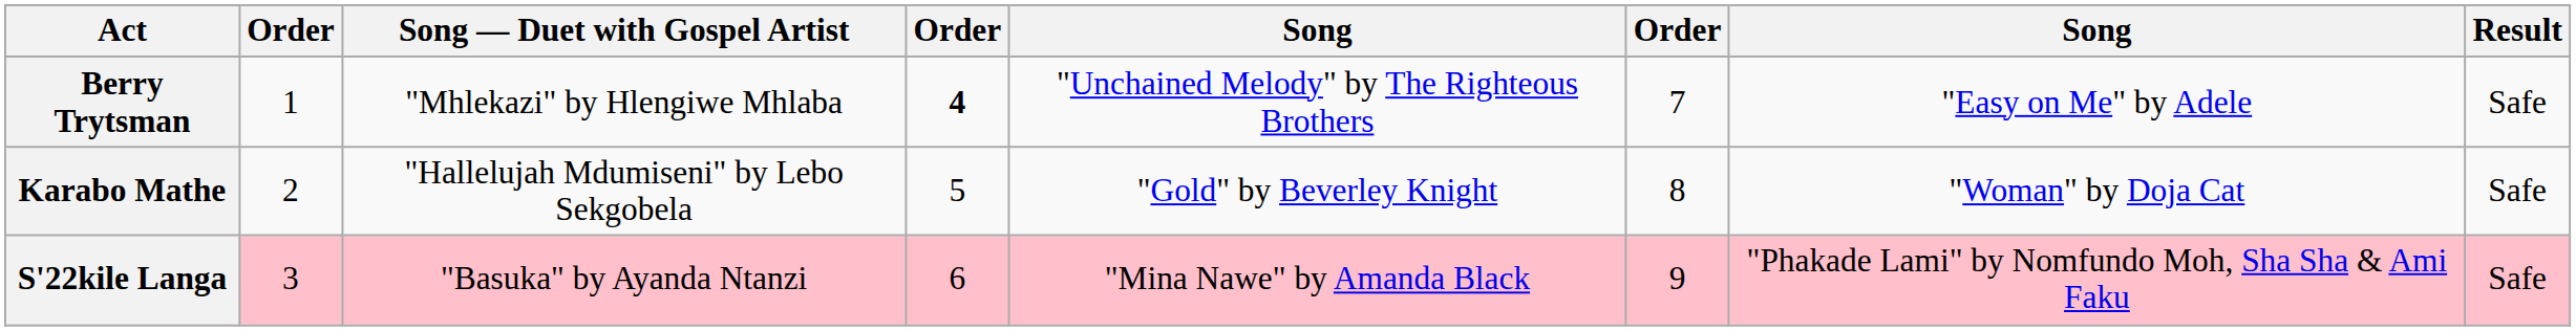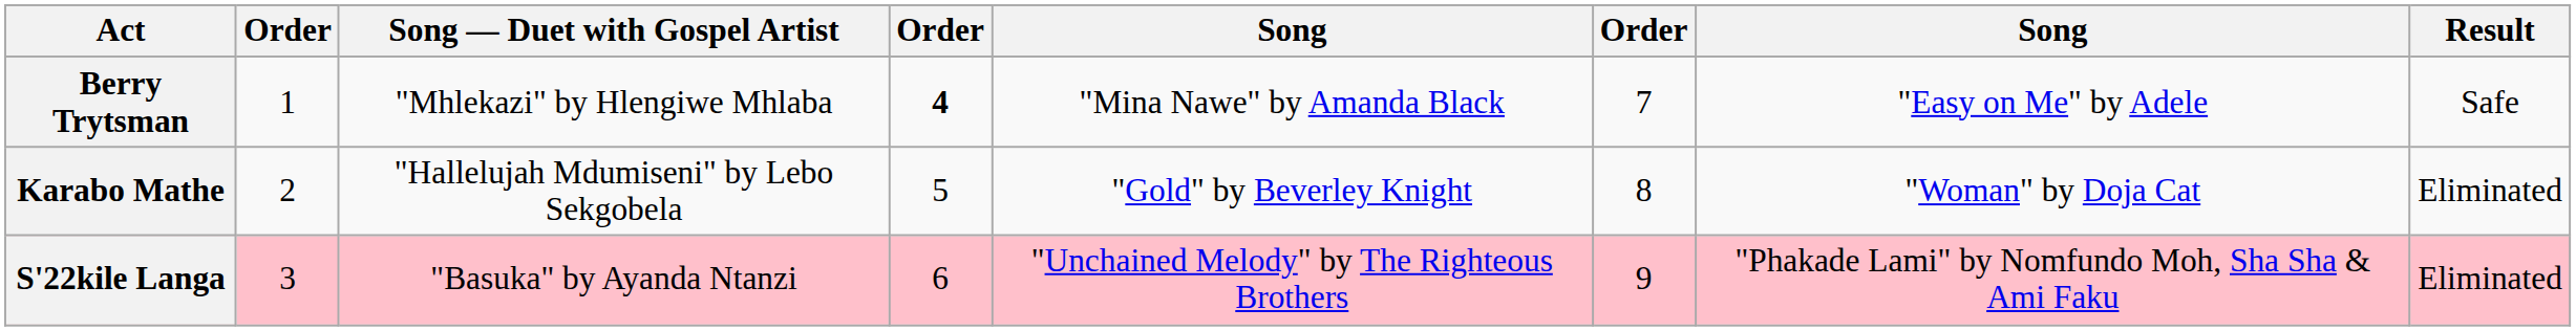 <table class="wikitable plainrowheaders" style="text-align:center;">
 <tr>
 <th scope"col">Act</th>
 <th scope"col">Order</th>
 <th scope"col">Song — Duet with Gospel Artist</th>
 <th scope"col">Order</th>
 <th scope"col">Song</th>
 <th scope"col">Order</th>
 <th scope"col">Song</th>
 <th scope"col">Result</th>
 </tr>
 <tr>
 <th scope=row>Berry Trytsman</th>
 <td>1</td>
 <td>"Mhlekazi" by Hlengiwe Mhlaba</td>
 <td><strong>4</strong></td>
-<td>"<a href='#'>Unchained Melody</a>" by <a href='#'>The Righteous Brothers</a></td>
+<td>"Mina Nawe" by <a href='#'>Amanda Black</a></td>
 <td>7</td>
 <td>"<a href='#'>Easy on Me</a>" by <a href='#'>Adele</a></td>
 <td>Safe</td>
 </tr>
 <tr>
 <th scope=row>Karabo Mathe</th>
 <td>2</td>
 <td>"Hallelujah Mdumiseni" by Lebo Sekgobela</td>
 <td>5</td>
 <td>"<a href='#'>Gold</a>" by <a href='#'>Beverley Knight</a></td>
 <td>8</td>
 <td>"<a href='#'>Woman</a>" by <a href='#'>Doja Cat</a></td>
-<td>Safe</td>
+<td>Eliminated</td>
 </tr>
 <tr style="background: pink">
 <th scope=row>S'22kile Langa</th>
 <td>3</td>
 <td>"Basuka" by Ayanda Ntanzi</td>
 <td>6</td>
-<td>"Mina Nawe" by <a href='#'>Amanda Black</a></td>
+<td>"<a href='#'>Unchained Melody</a>" by <a href='#'>The Righteous Brothers</a></td>
 <td>9</td>
 <td>"Phakade Lami" by Nomfundo Moh, <a href='#'>Sha Sha</a> & <a href='#'>Ami Faku</a></td>
-<td>Safe</td>
+<td>Eliminated</td>
 </tr>
 </table>
